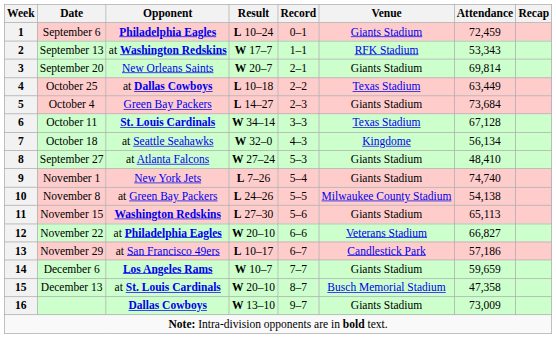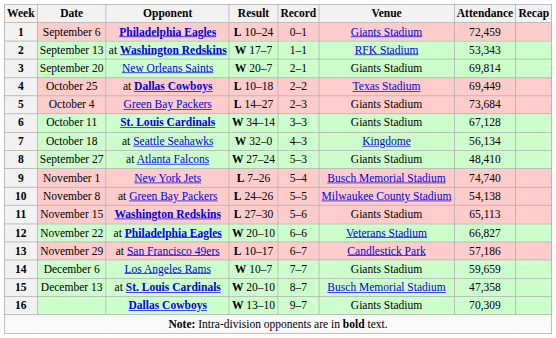 <table class="wikitable" style="text-align:center">
 <tr>
 <th>Week</th>
 <th>Date</th>
 <th>Opponent</th>
 <th>Result</th>
 <th>Record</th>
 <th>Venue</th>
 <th>Attendance</th>
 <th>Recap</th>
 </tr>
 <tr style="background:#fcc">
 <th>1</th>
 <td>September 6</td>
 <td><strong><a href='#'>Philadelphia Eagles</a></strong></td>
 <td><strong>L</strong> 10–24</td>
 <td>0–1</td>
 <td><a href='#'>Giants Stadium</a></td>
 <td>72,459</td>
 <td></td>
 </tr>
 <tr style="background:#cfc">
 <th>2</th>
 <td>September 13</td>
 <td>at <strong><a href='#'>Washington Redskins</a></strong></td>
 <td><strong>W</strong> 17–7</td>
 <td>1–1</td>
 <td><a href='#'>RFK Stadium</a></td>
 <td>53,343</td>
 <td></td>
 </tr>
 <tr style="background:#cfc">
 <th>3</th>
 <td>September 20</td>
 <td><a href='#'>New Orleans Saints</a></td>
 <td><strong>W</strong> 20–7</td>
 <td>2–1</td>
 <td>Giants Stadium</td>
 <td>69,814</td>
 <td></td>
 </tr>
 <tr style="background:#fcc">
 <th>4</th>
 <td>October 25</td>
 <td>at <strong><a href='#'>Dallas Cowboys</a></strong></td>
 <td><strong>L</strong> 10–18</td>
 <td>2–2</td>
 <td><a href='#'>Texas Stadium</a></td>
-<td>63,449</td>
+<td>69,449</td>
 <td></td>
 </tr>
 <tr style="background:#fcc">
 <th>5</th>
 <td>October 4</td>
 <td><a href='#'>Green Bay Packers</a></td>
 <td><strong>L</strong> 14–27</td>
 <td>2–3</td>
 <td>Giants Stadium</td>
 <td>73,684</td>
 <td></td>
 </tr>
 <tr style="background:#cfc">
 <th>6</th>
 <td>October 11</td>
 <td><strong><a href='#'>St. Louis Cardinals</a></strong></td>
 <td><strong>W</strong> 34–14</td>
 <td>3–3</td>
-<td><a href='#'>Texas Stadium</a></td>
+<td>Giants Stadium</td>
 <td>67,128</td>
 <td></td>
 </tr>
 <tr style="background:#cfc">
 <th>7</th>
 <td>October 18</td>
 <td>at <a href='#'>Seattle Seahawks</a></td>
 <td><strong>W</strong> 32–0</td>
 <td>4–3</td>
 <td><a href='#'>Kingdome</a></td>
 <td>56,134</td>
 <td></td>
 </tr>
 <tr style="background:#cfc">
 <th>8</th>
 <td>September 27</td>
 <td>at <a href='#'>Atlanta Falcons</a></td>
 <td><strong>W</strong> 27–24</td>
 <td>5–3</td>
 <td>Giants Stadium</td>
 <td>48,410</td>
 <td></td>
 </tr>
 <tr style="background:#fcc">
 <th>9</th>
 <td>November 1</td>
 <td><a href='#'>New York Jets</a></td>
 <td><strong>L</strong> 7–26</td>
 <td>5–4</td>
-<td>Giants Stadium</td>
+<td><a href='#'>Busch Memorial Stadium</a></td>
 <td>74,740</td>
 <td></td>
 </tr>
 <tr style="background:#fcc">
 <th>10</th>
 <td>November 8</td>
 <td>at <a href='#'>Green Bay Packers</a></td>
 <td><strong>L</strong> 24–26</td>
 <td>5–5</td>
 <td><a href='#'>Milwaukee County Stadium</a></td>
 <td>54,138</td>
 <td></td>
 </tr>
 <tr style="background:#fcc">
 <th>11</th>
 <td>November 15</td>
 <td><strong><a href='#'>Washington Redskins</a></strong></td>
 <td><strong>L</strong> 27–30</td>
 <td>5–6</td>
 <td>Giants Stadium</td>
 <td>65,113</td>
 <td></td>
 </tr>
 <tr style="background:#cfc">
 <th>12</th>
 <td>November 22</td>
 <td>at <strong><a href='#'>Philadelphia Eagles</a></strong></td>
 <td><strong>W</strong> 20–10</td>
 <td>6–6</td>
 <td><a href='#'>Veterans Stadium</a></td>
 <td>66,827</td>
 <td></td>
 </tr>
 <tr style="background:#fcc">
 <th>13</th>
 <td>November 29</td>
 <td>at <a href='#'>San Francisco 49ers</a></td>
 <td><strong>L</strong> 10–17</td>
 <td>6–7</td>
 <td><a href='#'>Candlestick Park</a></td>
 <td>57,186</td>
 <td></td>
 </tr>
 <tr style="background:#cfc">
 <th>14</th>
 <td>December 6</td>
-<td><strong><a href='#'>Los Angeles Rams</a></strong></td>
+<td><a href='#'>Los Angeles Rams</a></td>
 <td><strong>W</strong> 10–7</td>
 <td>7–7</td>
 <td>Giants Stadium</td>
 <td>59,659</td>
 <td></td>
 </tr>
 <tr style="background:#cfc">
 <th>15</th>
 <td>December 13</td>
 <td>at <strong><a href='#'>St. Louis Cardinals</a></strong></td>
 <td><strong>W</strong> 20–10</td>
 <td>8–7</td>
 <td><a href='#'>Busch Memorial Stadium</a></td>
 <td>47,358</td>
 <td></td>
 </tr>
 <tr style="background:#cfc">
 <th>16</th>
 <td></td>
 <td><strong><a href='#'>Dallas Cowboys</a></strong></td>
 <td><strong>W</strong> 13–10</td>
 <td>9–7</td>
 <td>Giants Stadium</td>
-<td>73,009</td>
+<td>70,309</td>
 <td></td>
 </tr>
 <tr>
 <td colspan="8"><strong>Note:</strong> Intra-division opponents are in <strong>bold</strong> text.</td>
 </tr>
 </table>
